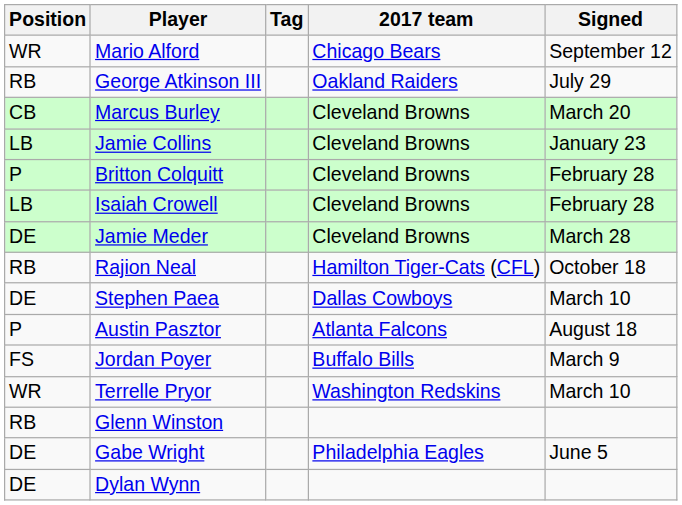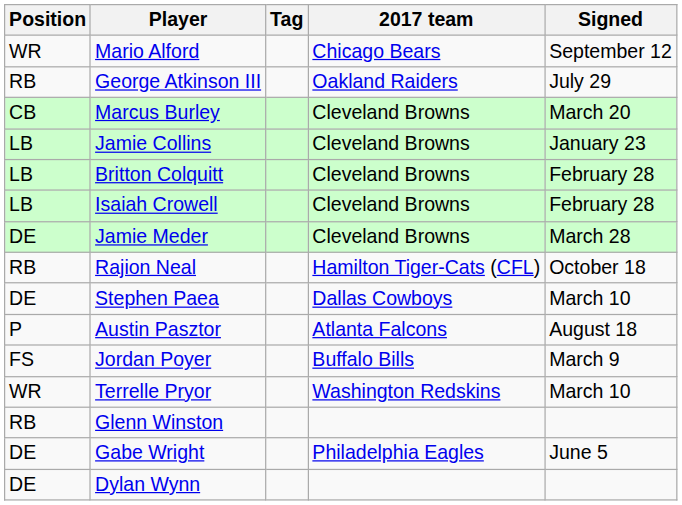 <table class="wikitable">
 <tr>
 <th>Position</th>
 <th>Player</th>
 <th>Tag</th>
 <th>2017 team</th>
 <th>Signed</th>
 </tr>
 <tr>
 <td>WR</td>
 <td><a href='#'>Mario Alford</a></td>
 <td></td>
 <td><a href='#'>Chicago Bears</a></td>
 <td>September 12</td>
 </tr>
 <tr>
 <td>RB</td>
 <td><a href='#'>George Atkinson III</a></td>
 <td></td>
 <td><a href='#'>Oakland Raiders</a></td>
 <td>July 29</td>
 </tr>
 <tr style="background:#cfc">
 <td>CB</td>
 <td><a href='#'>Marcus Burley</a></td>
 <td></td>
 <td>Cleveland Browns</td>
 <td>March 20</td>
 </tr>
 <tr style="background:#cfc">
 <td>LB</td>
 <td><a href='#'>Jamie Collins</a></td>
 <td></td>
 <td>Cleveland Browns</td>
 <td>January 23</td>
 </tr>
 <tr style="background:#cfc">
-<td>P</td>
+<td>LB</td>
 <td><a href='#'>Britton Colquitt</a></td>
 <td></td>
 <td>Cleveland Browns</td>
 <td>February 28</td>
 </tr>
 <tr style="background:#cfc">
 <td>LB</td>
 <td><a href='#'>Isaiah Crowell</a></td>
 <td></td>
 <td>Cleveland Browns</td>
 <td>February 28</td>
 </tr>
 <tr style="background:#cfc">
 <td>DE</td>
 <td><a href='#'>Jamie Meder</a></td>
 <td></td>
 <td>Cleveland Browns</td>
 <td>March 28</td>
 </tr>
 <tr>
 <td>RB</td>
 <td><a href='#'>Rajion Neal</a></td>
 <td></td>
 <td><a href='#'>Hamilton Tiger-Cats</a> (<a href='#'>CFL</a>)</td>
 <td>October 18</td>
 </tr>
 <tr>
 <td>DE</td>
 <td><a href='#'>Stephen Paea</a></td>
 <td></td>
 <td><a href='#'>Dallas Cowboys</a></td>
 <td>March 10</td>
 </tr>
 <tr>
 <td>P</td>
 <td><a href='#'>Austin Pasztor</a></td>
 <td></td>
 <td><a href='#'>Atlanta Falcons</a></td>
 <td>August 18</td>
 </tr>
 <tr>
 <td>FS</td>
 <td><a href='#'>Jordan Poyer</a></td>
 <td></td>
 <td><a href='#'>Buffalo Bills</a></td>
 <td>March 9</td>
 </tr>
 <tr>
 <td>WR</td>
 <td><a href='#'>Terrelle Pryor</a></td>
 <td></td>
 <td><a href='#'>Washington Redskins</a></td>
 <td>March 10</td>
 </tr>
 <tr>
 <td>RB</td>
 <td><a href='#'>Glenn Winston</a></td>
 <td></td>
 <td></td>
 <td></td>
 </tr>
 <tr>
 <td>DE</td>
 <td><a href='#'>Gabe Wright</a></td>
 <td></td>
 <td><a href='#'>Philadelphia Eagles</a></td>
 <td>June 5</td>
 </tr>
 <tr>
 <td>DE</td>
 <td><a href='#'>Dylan Wynn</a></td>
 <td></td>
 <td></td>
 <td></td>
 </tr>
 </table>
